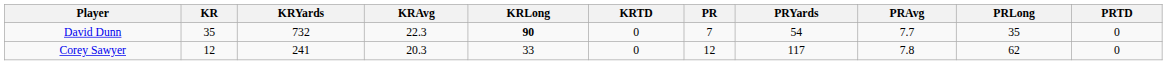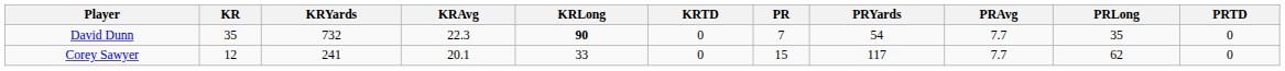 <table class="wikitable" style="text-align:center;" width="80%">
 <tr>
 <th>Player</th>
 <th>KR</th>
 <th>KRYards</th>
 <th>KRAvg</th>
 <th>KRLong</th>
 <th>KRTD</th>
 <th>PR</th>
 <th>PRYards</th>
 <th>PRAvg</th>
 <th>PRLong</th>
 <th>PRTD</th>
 </tr>
 <tr align="center" bgcolor="">
 <td><a href='#'>David Dunn</a></td>
 <td>35</td>
 <td>732</td>
 <td>22.3</td>
 <td><strong>90</strong></td>
 <td>0</td>
 <td>7</td>
 <td>54</td>
 <td>7.7</td>
 <td>35</td>
 <td>0</td>
 </tr>
 <tr align="center" bgcolor="">
 <td><a href='#'>Corey Sawyer</a></td>
 <td>12</td>
 <td>241</td>
-<td>20.3</td>
+<td>20.1</td>
 <td>33</td>
 <td>0</td>
-<td>12</td>
+<td>15</td>
 <td>117</td>
-<td>7.8</td>
+<td>7.7</td>
 <td>62</td>
 <td>0</td>
 </tr>
 </table>
